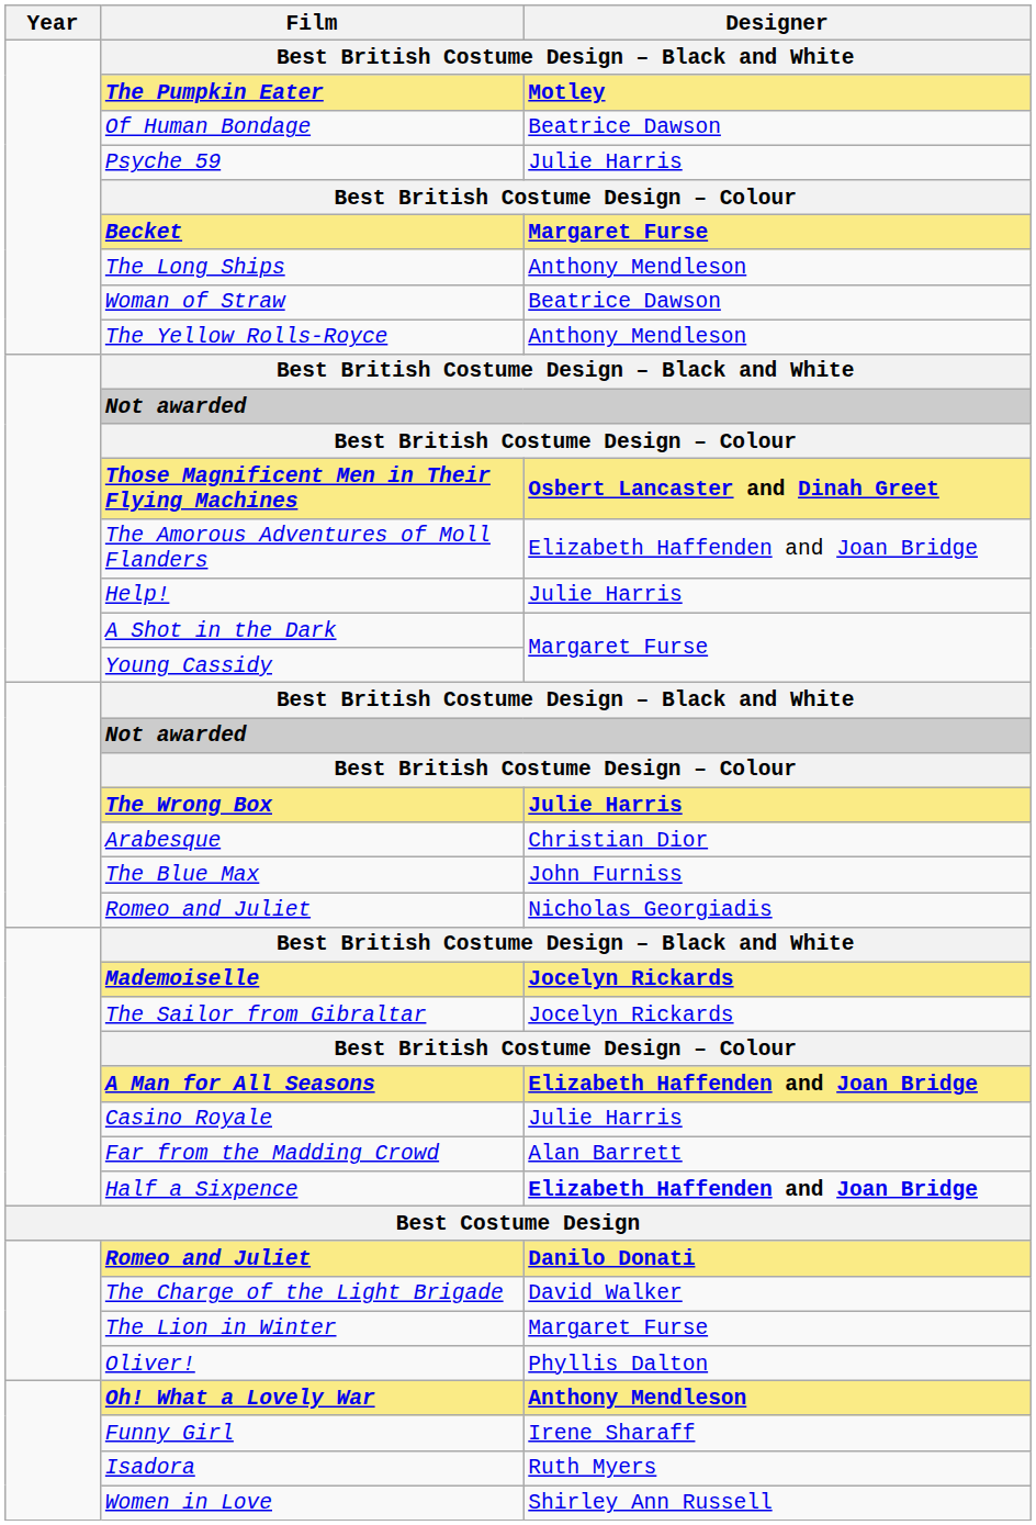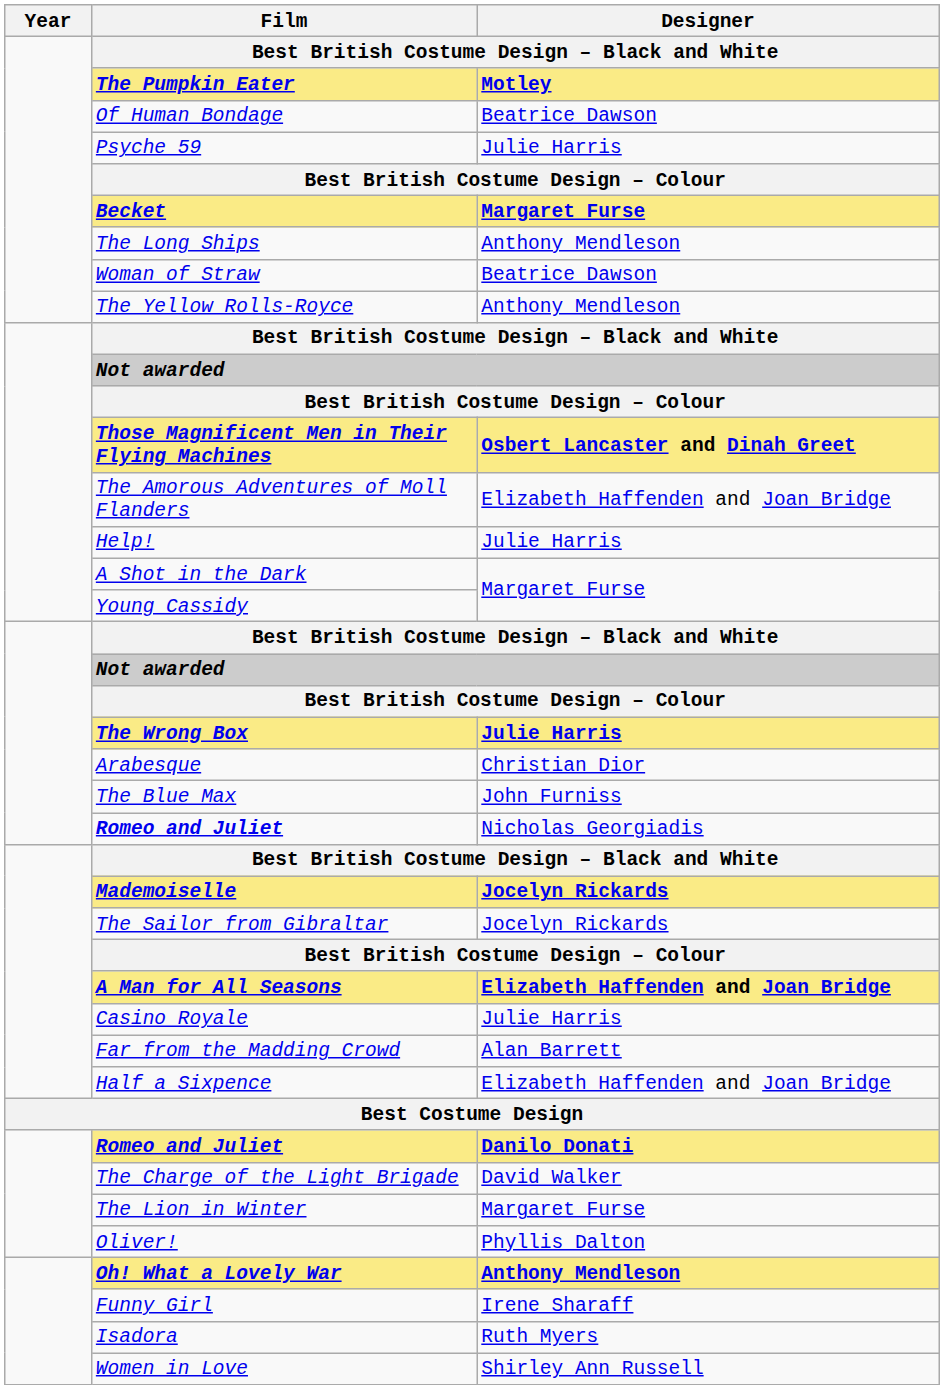 <table class="wikitable" style="width:100%;" cellpadding="5">
 <tr>
 <th style="width:5%;">Year</th>
 <th style="width:25%;">Film</th>
 <th style="width:30%;">Designer</th>
 </tr>
 <tr>
 <td rowspan="9"></td>
 <th colspan="2">Best British Costume Design – Black and White</th>
 </tr>
 <tr>
 <td style="background:#FAEB86"><strong><em><a href='#'>The Pumpkin Eater</a></em></strong></td>
 <td style="background:#FAEB86"><strong><a href='#'>Motley</a></strong></td>
 </tr>
 <tr>
 <td><em><a href='#'>Of Human Bondage</a></em></td>
 <td><a href='#'>Beatrice Dawson</a></td>
 </tr>
 <tr>
 <td><em><a href='#'>Psyche 59</a></em></td>
 <td><a href='#'>Julie Harris</a></td>
 </tr>
 <tr>
 <th colspan="2">Best British Costume Design – Colour</th>
 </tr>
 <tr>
 <td style="background:#FAEB86"><strong><em><a href='#'>Becket</a></em></strong></td>
 <td style="background:#FAEB86"><strong><a href='#'>Margaret Furse</a></strong></td>
 </tr>
 <tr>
 <td><em><a href='#'>The Long Ships</a></em></td>
 <td><a href='#'>Anthony Mendleson</a></td>
 </tr>
 <tr>
 <td><em><a href='#'>Woman of Straw</a></em></td>
 <td><a href='#'>Beatrice Dawson</a></td>
 </tr>
 <tr>
 <td><em><a href='#'>The Yellow Rolls-Royce</a></em></td>
 <td><a href='#'>Anthony Mendleson</a></td>
 </tr>
 <tr>
 <td rowspan="8"></td>
 <th colspan="2">Best British Costume Design – Black and White</th>
 </tr>
 <tr>
 <td colspan="2" style="background:#ccc;"><strong><em>Not awarded</em></strong></td>
 </tr>
 <tr>
 <th colspan="2">Best British Costume Design – Colour</th>
 </tr>
 <tr>
 <td style="background:#FAEB86"><strong><em><a href='#'>Those Magnificent Men in Their Flying Machines</a></em></strong></td>
 <td style="background:#FAEB86"><strong><a href='#'>Osbert Lancaster</a> and <a href='#'>Dinah Greet</a></strong></td>
 </tr>
 <tr>
 <td><em><a href='#'>The Amorous Adventures of Moll Flanders</a></em></td>
 <td><a href='#'>Elizabeth Haffenden</a> and <a href='#'>Joan Bridge</a></td>
 </tr>
 <tr>
 <td><em><a href='#'>Help!</a></em></td>
 <td><a href='#'>Julie Harris</a></td>
 </tr>
 <tr>
 <td><em><a href='#'>A Shot in the Dark</a></em></td>
 <td rowspan="2"><a href='#'>Margaret Furse</a></td>
 </tr>
 <tr>
 <td><em><a href='#'>Young Cassidy</a></em></td>
 </tr>
 <tr>
 <td rowspan="7"></td>
 <th colspan="2">Best British Costume Design – Black and White</th>
 </tr>
 <tr>
 <td colspan="2" style="background:#ccc;"><strong><em>Not awarded</em></strong></td>
 </tr>
 <tr>
 <th colspan="2">Best British Costume Design – Colour</th>
 </tr>
 <tr>
 <td style="background:#FAEB86"><strong><em><a href='#'>The Wrong Box</a></em></strong></td>
 <td style="background:#FAEB86"><strong><a href='#'>Julie Harris</a></strong></td>
 </tr>
 <tr>
 <td><em><a href='#'>Arabesque</a></em></td>
 <td><a href='#'>Christian Dior</a></td>
 </tr>
 <tr>
 <td><em><a href='#'>The Blue Max</a></em></td>
 <td><a href='#'>John Furniss</a></td>
 </tr>
 <tr>
-<td><em><a href='#'>Romeo and Juliet</a></em></td>
+<td><strong><em><a href='#'>Romeo and Juliet</a></em></strong></td>
 <td><a href='#'>Nicholas Georgiadis</a></td>
 </tr>
 <tr>
 <td rowspan="8"></td>
 <th colspan="2">Best British Costume Design – Black and White</th>
 </tr>
 <tr>
 <td style="background:#FAEB86"><strong><em><a href='#'>Mademoiselle</a></em></strong></td>
 <td style="background:#FAEB86"><strong><a href='#'>Jocelyn Rickards</a></strong></td>
 </tr>
 <tr>
 <td><em><a href='#'>The Sailor from Gibraltar</a></em></td>
 <td><a href='#'>Jocelyn Rickards</a></td>
 </tr>
 <tr>
 <th colspan="2">Best British Costume Design – Colour</th>
 </tr>
 <tr>
 <td style="background:#FAEB86"><strong><em><a href='#'>A Man for All Seasons</a></em></strong></td>
 <td style="background:#FAEB86"><strong><a href='#'>Elizabeth Haffenden</a> and <a href='#'>Joan Bridge</a></strong></td>
 </tr>
 <tr>
 <td><em><a href='#'>Casino Royale</a></em></td>
 <td><a href='#'>Julie Harris</a></td>
 </tr>
 <tr>
 <td><em><a href='#'>Far from the Madding Crowd</a></em></td>
 <td><a href='#'>Alan Barrett</a></td>
 </tr>
 <tr>
 <td><em><a href='#'>Half a Sixpence</a></em></td>
-<td><strong><a href='#'>Elizabeth Haffenden</a> and <a href='#'>Joan Bridge</a></strong></td>
+<td><a href='#'>Elizabeth Haffenden</a> and <a href='#'>Joan Bridge</a></td>
 </tr>
 <tr>
 <th colspan="3">Best Costume Design</th>
 </tr>
 <tr>
 <td rowspan="4"></td>
 <td style="background:#FAEB86"><strong><em><a href='#'>Romeo and Juliet</a></em></strong></td>
 <td style="background:#FAEB86"><strong><a href='#'>Danilo Donati</a></strong></td>
 </tr>
 <tr>
 <td><em><a href='#'>The Charge of the Light Brigade</a></em></td>
 <td><a href='#'>David Walker</a></td>
 </tr>
 <tr>
 <td><em><a href='#'>The Lion in Winter</a></em></td>
 <td><a href='#'>Margaret Furse</a></td>
 </tr>
 <tr>
 <td><em><a href='#'>Oliver!</a></em></td>
 <td><a href='#'>Phyllis Dalton</a></td>
 </tr>
 <tr>
 <td rowspan="4"></td>
 <td style="background:#FAEB86"><strong><em><a href='#'>Oh! What a Lovely War</a></em></strong></td>
 <td style="background:#FAEB86"><strong><a href='#'>Anthony Mendleson</a></strong></td>
 </tr>
 <tr>
 <td><em><a href='#'>Funny Girl</a></em></td>
 <td><a href='#'>Irene Sharaff</a></td>
 </tr>
 <tr>
 <td><em><a href='#'>Isadora</a></em></td>
 <td><a href='#'>Ruth Myers</a></td>
 </tr>
 <tr>
 <td><em><a href='#'>Women in Love</a></em></td>
 <td><a href='#'>Shirley Ann Russell</a></td>
 </tr>
 </table>
